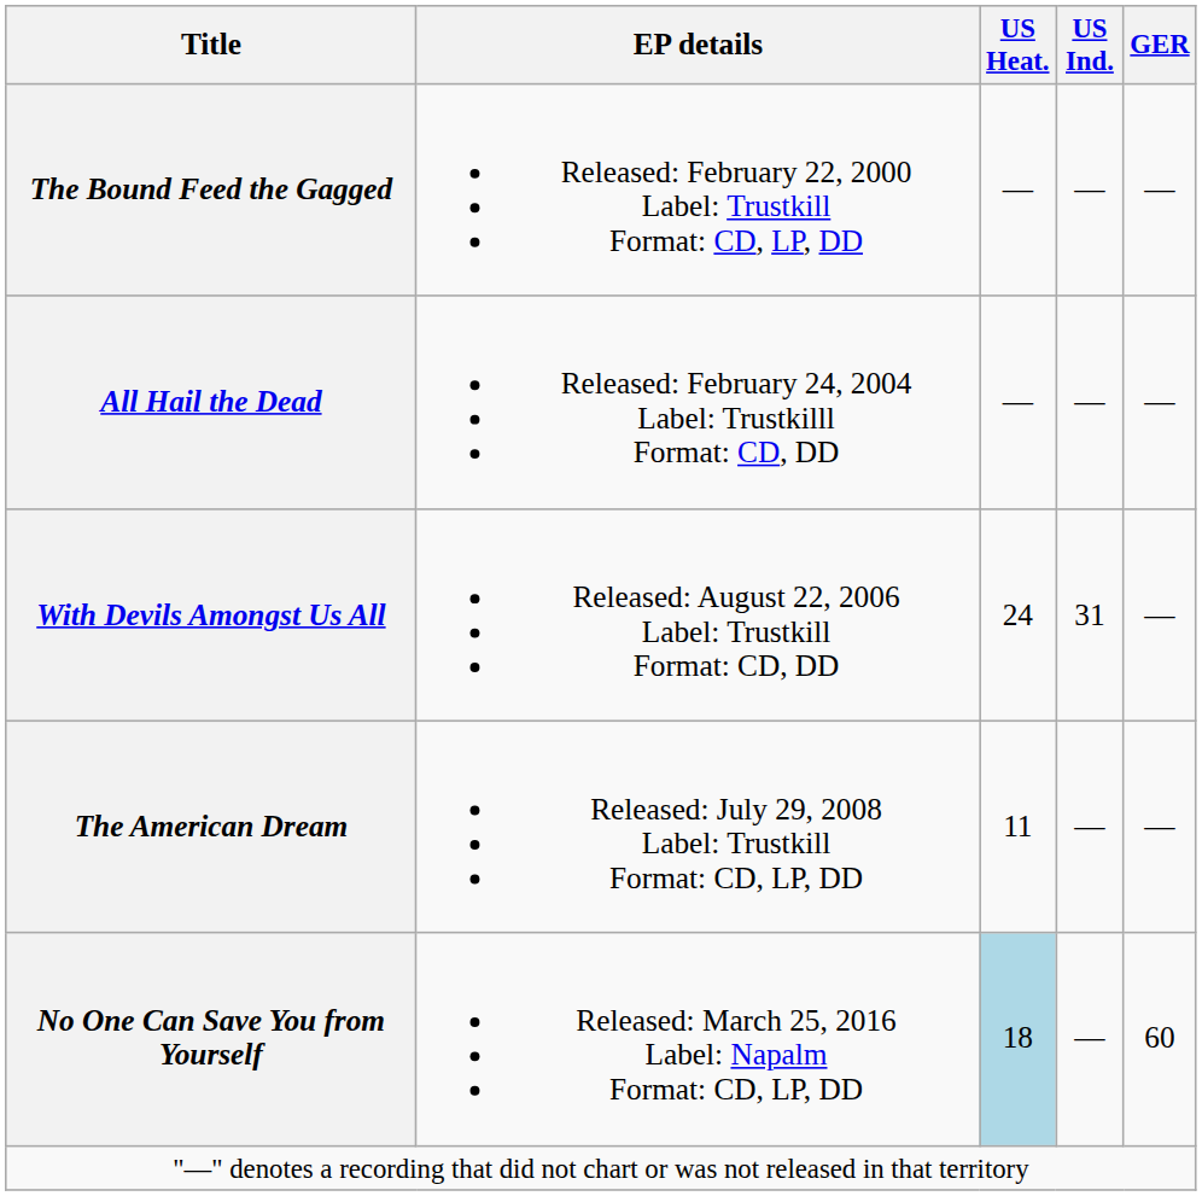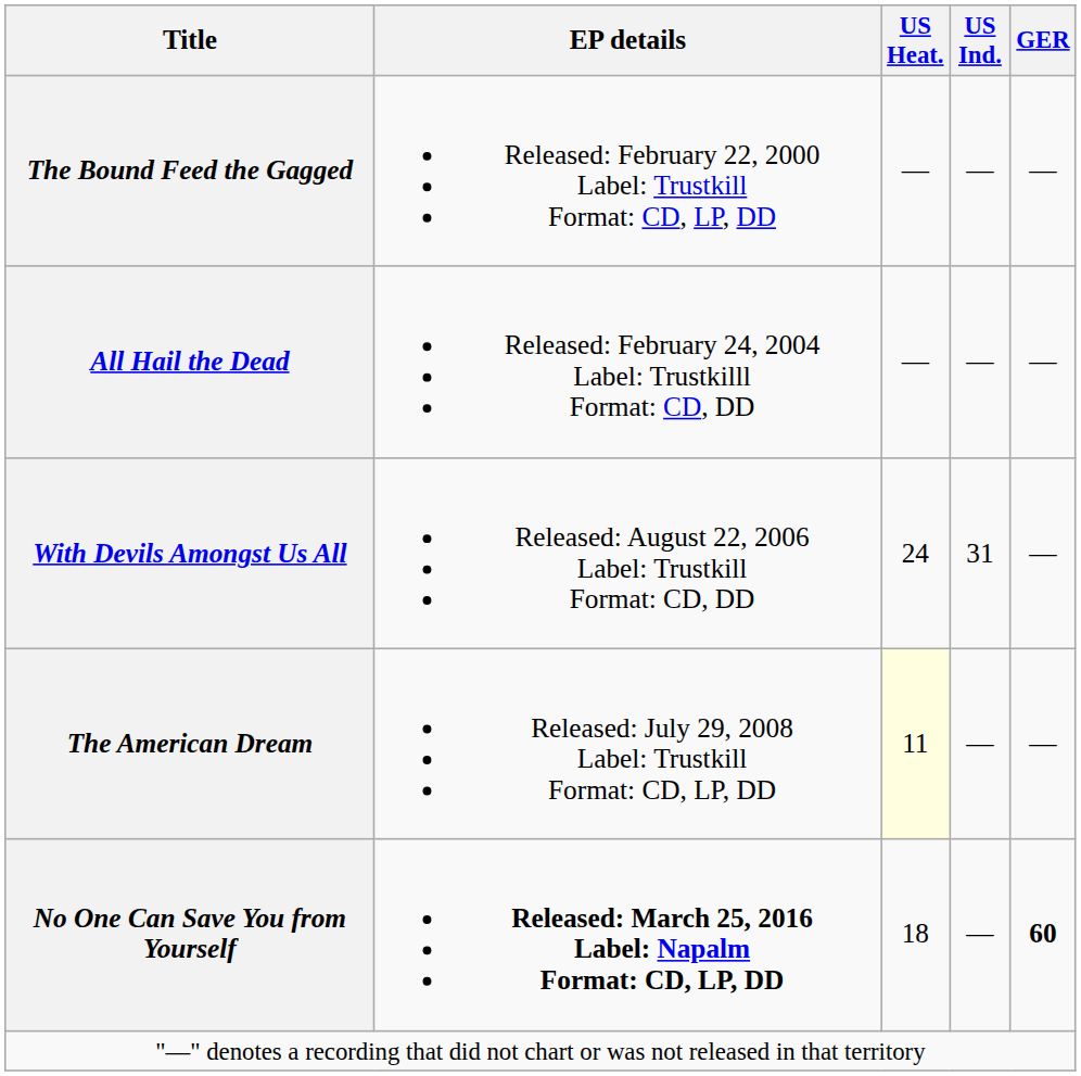 <table class="wikitable plainrowheaders" style="text-align:center;" border="1">
 <tr>
 <th scope="col" style="width:13em;">Title</th>
 <th scope="col" style="width:18em;">EP details</th>
 <th scope="col" style="width:2em;font-size:90%;"><a href='#'>US<br>Heat.</a><br></th>
 <th scope="col" style="width:2em;font-size:90%;"><a href='#'>US<br>Ind.</a><br></th>
 <th scope="col" style="width:2em;font-size:90%;"><a href='#'>GER</a><br></th>
 </tr>
 <tr>
 <th scope="row"><em>The Bound Feed the Gagged</em></th>
 <td><br><ul><li>Released: February 22, 2000</li><li>Label: <a href='#'>Trustkill</a></li><li>Format: <a href='#'>CD</a>, <a href='#'>LP</a>, <a href='#'>DD</a></li></ul></td>
 <td>—</td>
 <td>—</td>
 <td>—</td>
 </tr>
 <tr>
 <th scope="row"><em><a href='#'>All Hail the Dead</a></em></th>
 <td><br><ul><li>Released: February 24, 2004</li><li>Label: Trustkilll</li><li>Format: <a href='#'>CD</a>, DD</li></ul></td>
 <td>—</td>
 <td>—</td>
 <td>—</td>
 </tr>
 <tr>
 <th scope="row"><em><a href='#'>With Devils Amongst Us All</a></em></th>
 <td><br><ul><li>Released: August 22, 2006</li><li>Label: Trustkill</li><li>Format: CD, DD</li></ul></td>
 <td>24</td>
 <td>31</td>
 <td>—</td>
 </tr>
 <tr>
 <th scope="row"><em>The American Dream</em></th>
 <td><br><ul><li>Released: July 29, 2008</li><li>Label: Trustkill</li><li>Format: CD, LP, DD</li></ul></td>
-<td>11</td>
+<td style="background: lightyellow;">11</td>
 <td>—</td>
 <td>—</td>
 </tr>
 <tr>
 <th scope="row"><em>No One Can Save You from Yourself</em></th>
-<td><br><ul><li>Released: March 25, 2016</li><li>Label: <a href='#'>Napalm</a></li><li>Format: CD, LP, DD</li></ul></td>
-<td style="background: lightblue;">18</td>
+<td><strong><br><ul><li>Released: March 25, 2016</li><li>Label: <a href='#'>Napalm</a></li><li>Format: CD, LP, DD</li></ul></strong></td>
+<td>18</td>
 <td>—</td>
-<td>60</td>
+<td><strong>60</strong></td>
 </tr>
 <tr>
 <td colspan="5" style="font-size:90%">"—" denotes a recording that did not chart or was not released in that territory</td>
 </tr>
 </table>
